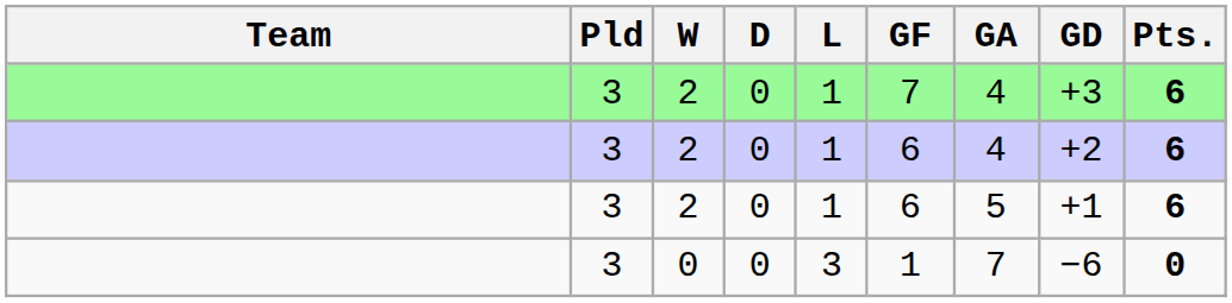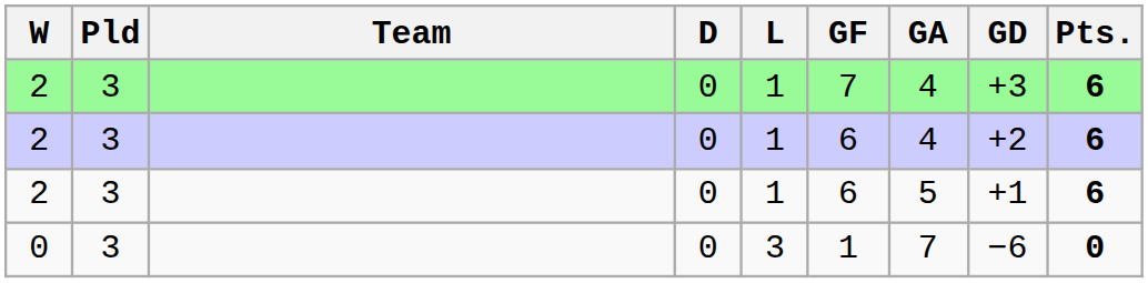 <table class=wikitable style="text-align:center;">
 <tr>
+<th width=20px>W</th>
+<th width=20px>Pld</th>
 <th width=200px>Team</th>
-<th width=20px>Pld</th>
-<th width=20px>W</th>
 <th width=20px>D</th>
 <th width=20px>L</th>
 <th width=25px>GF</th>
 <th width=25px>GA</th>
 <th width=25px>GD</th>
 <th width=20px>Pts.</th>
 </tr>
 <tr bgcolor=98fb98>
+<td>2</td>
+<td>3</td>
 <td align=left></td>
-<td>3</td>
-<td>2</td>
 <td>0</td>
 <td>1</td>
 <td>7</td>
 <td>4</td>
 <td>+3</td>
 <td><strong>6</strong></td>
 </tr>
 <tr bgcolor=ccccff>
+<td>2</td>
+<td>3</td>
 <td align=left></td>
-<td>3</td>
-<td>2</td>
 <td>0</td>
 <td>1</td>
 <td>6</td>
 <td>4</td>
 <td>+2</td>
 <td><strong>6</strong></td>
 </tr>
 <tr>
+<td>2</td>
+<td>3</td>
 <td align=left></td>
-<td>3</td>
-<td>2</td>
 <td>0</td>
 <td>1</td>
 <td>6</td>
 <td>5</td>
 <td>+1</td>
 <td><strong>6</strong></td>
 </tr>
 <tr>
+<td>0</td>
+<td>3</td>
 <td align=left></td>
-<td>3</td>
-<td>0</td>
 <td>0</td>
 <td>3</td>
 <td>1</td>
 <td>7</td>
 <td>−6</td>
 <td><strong>0</strong></td>
 </tr>
 </table>
